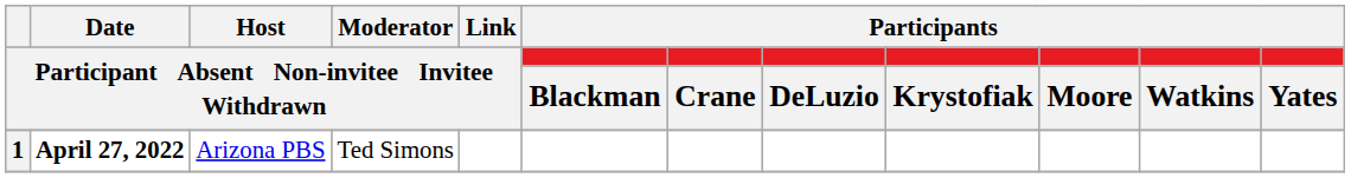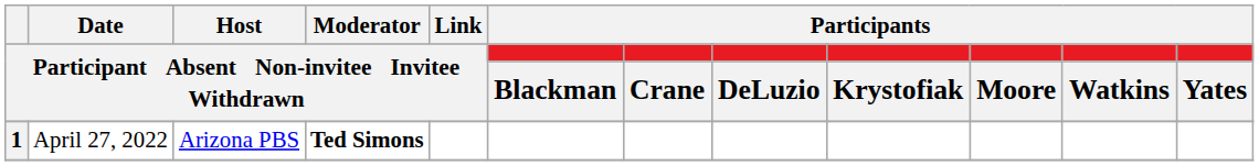 <table class="wikitable" style="text-align:center;">
 <tr style="font-size:small;">
 <th scope="col"></th>
 <th scope="col">Date</th>
 <th scope="col">Host</th>
 <th scope="col">Moderator</th>
 <th scope="col">Link</th>
 <th scope="col" colspan="7">Participants</th>
 </tr>
 <tr>
 <th colspan="5" rowspan="2"> <small>Participant  </small> <small>Absent  </small> <small>Non-invitee  </small> <small>Invitee Withdrawn</small></th>
 <th scope="col" style="background:#E81B23;"></th>
 <th scope="col" style="background:#E81B23;"></th>
 <th scope="col" style="background:#E81B23;"></th>
 <th scope="col" style="background:#E81B23;"></th>
 <th scope="col" style="background:#E81B23;"></th>
 <th scope="col" style="background:#E81B23;"></th>
 <th scope="col" style="background:#E81B23;"></th>
 </tr>
 <tr>
 <th scope="col">Blackman</th>
 <th scope="col">Crane</th>
 <th scope="col">DeLuzio</th>
 <th scope="col">Krystofiak</th>
 <th scope="col">Moore</th>
 <th scope="col">Watkins</th>
 <th scope="col">Yates</th>
 </tr>
 <tr>
 </tr>
 <tr style="background:#FFFFFF;font-size:small;">
 <th scope="row">1</th>
-<td style="white-space:nowrap;"><strong>April 27, 2022</strong></td>
+<td style="white-space:nowrap;">April 27, 2022</td>
 <td style="white-space:nowrap;"><a href='#'>Arizona PBS</a></td>
-<td style="white-space:nowrap;">Ted Simons</td>
+<td style="white-space:nowrap;"><strong>Ted Simons</strong></td>
 <td style="white-space:nowrap;"></td>
 <td></td>
 <td></td>
 <td></td>
 <td></td>
 <td></td>
 <td></td>
 <td></td>
 </tr>
 <tr>
 </tr>
 </table>
